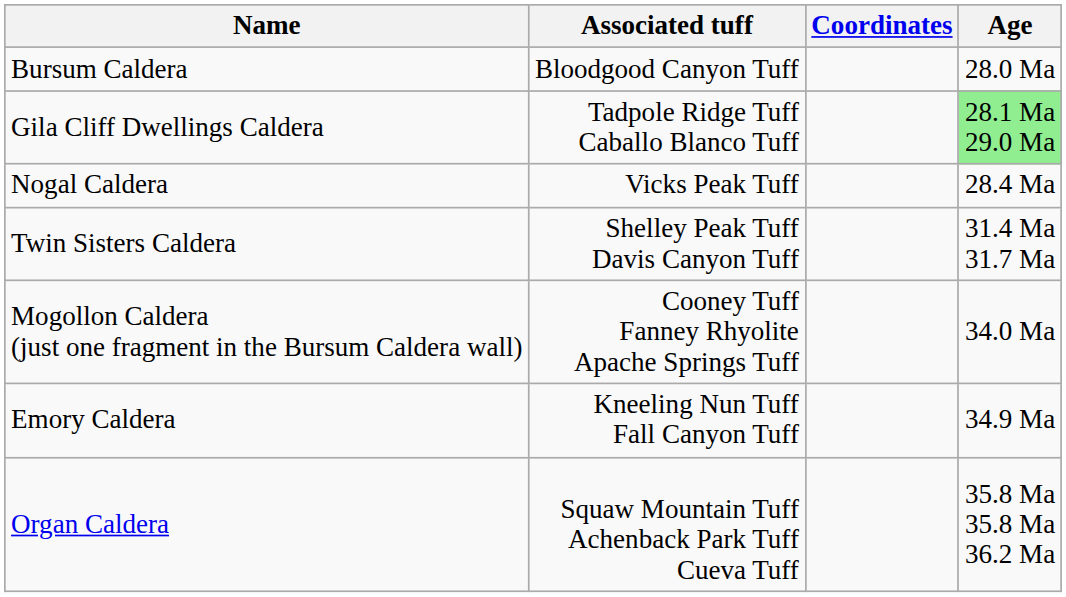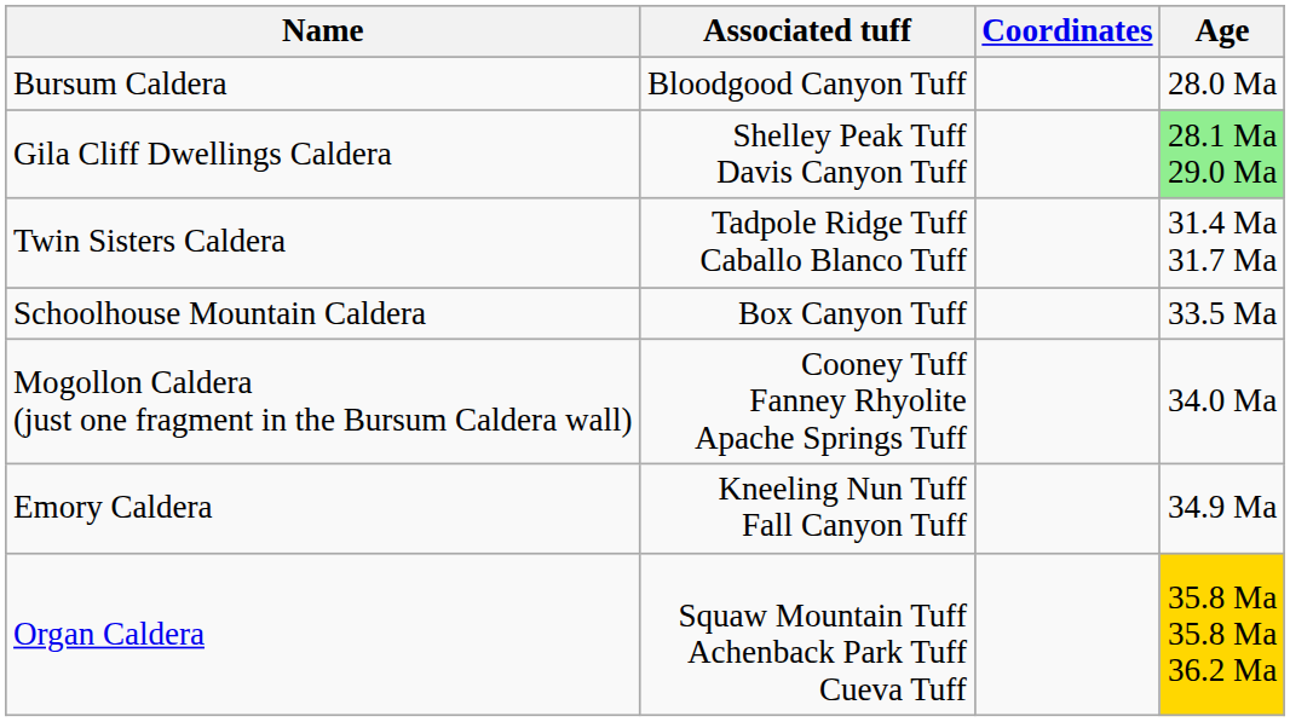 <table class="wikitable">
 <tr>
 <th>Name</th>
 <th>Associated tuff</th>
 <th><a href='#'>Coordinates</a></th>
 <th>Age</th>
 </tr>
 <tr align="right">
 <td align="left">Bursum Caldera</td>
 <td>Bloodgood Canyon Tuff</td>
 <td></td>
 <td>28.0 Ma</td>
 </tr>
 <tr align="right">
 <td align="left" class="fn org">Gila Cliff Dwellings Caldera</td>
-<td>Tadpole Ridge Tuff<br>Caballo Blanco Tuff</td>
+<td>Shelley Peak Tuff<br>Davis Canyon Tuff</td>
 <td></td>
 <td style="background: lightgreen;">28.1 Ma<br>29.0 Ma</td>
 </tr>
 <tr align="right">
-<td align="left">Nogal Caldera</td>
-<td>Vicks Peak Tuff</td>
+<td align="left">Twin Sisters Caldera</td>
+<td>Tadpole Ridge Tuff<br>Caballo Blanco Tuff</td>
 <td></td>
-<td>28.4 Ma</td>
+<td>31.4 Ma<br>31.7 Ma</td>
 </tr>
 <tr align="right">
-<td align="left">Twin Sisters Caldera</td>
-<td>Shelley Peak Tuff<br>Davis Canyon Tuff</td>
+<td align="left">Schoolhouse Mountain Caldera</td>
+<td>Box Canyon Tuff</td>
 <td></td>
-<td>31.4 Ma<br>31.7 Ma</td>
+<td>33.5 Ma</td>
 </tr>
 <tr align="right">
 <td align="left">Mogollon Caldera<br>(just one fragment in the Bursum Caldera wall)</td>
 <td>Cooney Tuff<br>Fanney Rhyolite<br>Apache Springs Tuff</td>
 <td></td>
 <td>34.0 Ma</td>
 </tr>
 <tr align="right">
 <td align="left">Emory Caldera</td>
 <td>Kneeling Nun Tuff<br>Fall Canyon Tuff</td>
 <td></td>
 <td>34.9 Ma</td>
 </tr>
 <tr align="right">
 <td align="left"><a href='#'>Organ Caldera</a></td>
 <td><br>Squaw Mountain Tuff<br> Achenback Park Tuff<br> Cueva Tuff</td>
 <td></td>
-<td>35.8 Ma<br>35.8 Ma<br>36.2 Ma</td>
+<td style="background: gold;">35.8 Ma<br>35.8 Ma<br>36.2 Ma</td>
 </tr>
 </table>
